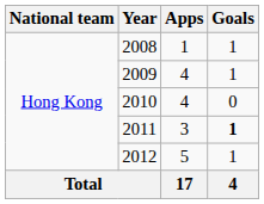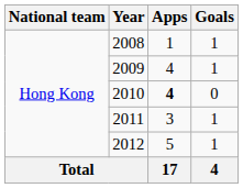 <table class="wikitable" style="text-align:center">
 <tr>
 <th>National team</th>
 <th>Year</th>
 <th>Apps</th>
 <th>Goals</th>
 </tr>
 <tr>
 <td rowspan="5"><a href='#'>Hong Kong</a></td>
 <td>2008</td>
 <td>1</td>
 <td>1</td>
 </tr>
 <tr>
 <td>2009</td>
 <td>4</td>
 <td>1</td>
 </tr>
 <tr>
 <td>2010</td>
-<td>4</td>
+<td><strong>4</strong></td>
 <td>0</td>
 </tr>
 <tr>
 <td>2011</td>
 <td>3</td>
-<td><strong>1</strong></td>
+<td>1</td>
 </tr>
 <tr>
 <td>2012</td>
 <td>5</td>
 <td>1</td>
 </tr>
 <tr>
 <th colspan=2>Total</th>
 <th>17</th>
 <th>4</th>
 </tr>
 </table>
